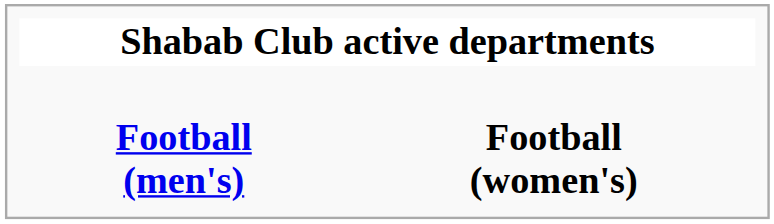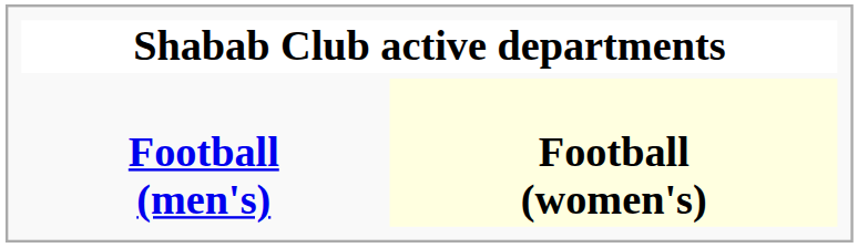 <table class="infobox" style="width: 20em; font-size: 95%em;">
 <tr style="color:black; background:white; text-align:center;">
 <th colspan="3" style="text-align: center">Shabab Club active departments</th>
 </tr>
 <tr style="text-align: center">
 <td><br><strong><a href='#'>Football<br>(men's)</a></strong></td>
-<td><br><strong>Football<br>(women's)</strong></td>
+<td style="background: lightyellow;"><br><strong>Football<br>(women's)</strong></td>
 </tr>
 </table>
